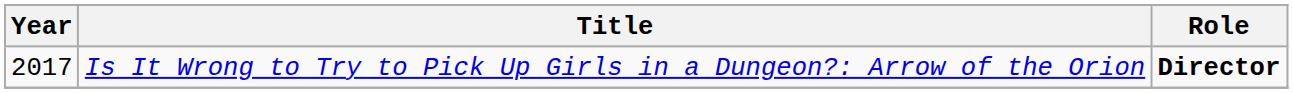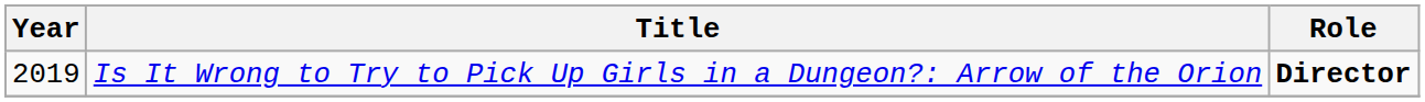 <table class = "wikitable sortable">
 <tr>
 <th>Year</th>
 <th>Title</th>
 <th>Role</th>
 </tr>
 <tr>
-<td>2017</td>
+<td>2019</td>
 <td><em><a href='#'>Is It Wrong to Try to Pick Up Girls in a Dungeon?: Arrow of the Orion</a></em></td>
 <td><strong>Director</strong></td>
 </tr>
 <tr>
 </tr>
 </table>
